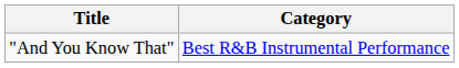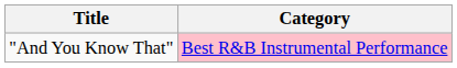 <table class="wikitable">
 <tr>
 <th>Title</th>
 <th>Category</th>
 </tr>
 <tr>
 <td>"And You Know That"</td>
-<td><a href='#'>Best R&B Instrumental Performance</a></td>
+<td style="background: pink;"><a href='#'>Best R&B Instrumental Performance</a></td>
 </tr>
 <tr>
 </tr>
 </table>
